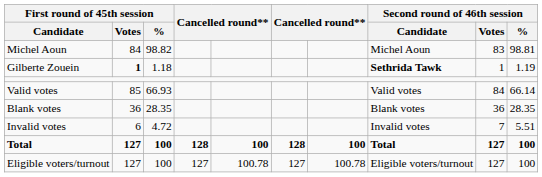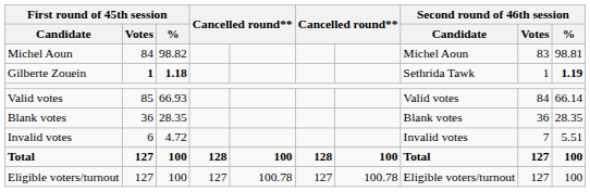 <table class="wikitable" style=text-align:right>
 <tr>
 <th colspan="3">First round of 45th session</th>
 <th rowspan="2" colspan="2">Cancelled round**</th>
 <th rowspan="2" colspan="2">Cancelled round**</th>
 <th colspan="3">Second round of 46th session</th>
 </tr>
 <tr>
 <th>Candidate</th>
 <th>Votes</th>
 <th>%</th>
 <th>Candidate</th>
 <th>Votes</th>
 <th>%</th>
 </tr>
 <tr>
 <td style="text-align:left;">Michel Aoun</td>
 <td>84</td>
 <td>98.82</td>
 <td></td>
 <td></td>
 <td></td>
 <td></td>
 <td style="text-align:left;">Michel Aoun</td>
 <td>83</td>
 <td>98.81</td>
 </tr>
 <tr>
 <td style="text-align:left;">Gilberte Zouein</td>
 <td><strong>1</strong></td>
-<td>1.18</td>
+<td><strong>1.18</strong></td>
 <td></td>
 <td></td>
 <td></td>
 <td></td>
-<td style="text-align:left;"><strong>Sethrida Tawk</strong></td>
+<td style="text-align:left;">Sethrida Tawk</td>
 <td>1</td>
-<td>1.19</td>
+<td><strong>1.19</strong></td>
 </tr>
 <tr>
 <td colspan=12></td>
 </tr>
 <tr>
 <td style="text-align:left;">Valid votes</td>
 <td>85</td>
 <td>66.93</td>
 <td></td>
 <td></td>
 <td></td>
 <td></td>
 <td style="text-align:left;">Valid votes</td>
 <td>84</td>
 <td>66.14</td>
 </tr>
 <tr>
 <td style="text-align:left;">Blank votes</td>
 <td>36</td>
 <td>28.35</td>
 <td></td>
 <td></td>
 <td></td>
 <td></td>
 <td style="text-align:left;">Blank votes</td>
 <td>36</td>
 <td>28.35</td>
 </tr>
 <tr>
 <td style="text-align:left;">Invalid votes</td>
 <td>6</td>
 <td>4.72</td>
 <td></td>
 <td></td>
 <td></td>
 <td></td>
 <td style="text-align:left;">Invalid votes</td>
 <td>7</td>
 <td>5.51</td>
 </tr>
 <tr>
 <td style="text-align:left;"><strong>Total</strong></td>
 <td><strong>127</strong></td>
 <td><strong>100</strong></td>
 <td><strong>128</strong></td>
 <td><strong>100</strong></td>
 <td><strong>128</strong></td>
 <td><strong>100</strong></td>
 <td style="text-align:left;"><strong>Total</strong></td>
 <td><strong>127</strong></td>
 <td><strong>100</strong></td>
 </tr>
 <tr>
 <td style="text-align:left;">Eligible voters/turnout</td>
 <td>127</td>
 <td>100</td>
 <td>127</td>
 <td>100.78</td>
 <td>127</td>
 <td>100.78</td>
 <td style="text-align:left;">Eligible voters/turnout</td>
 <td>127</td>
 <td>100</td>
 </tr>
 </table>
